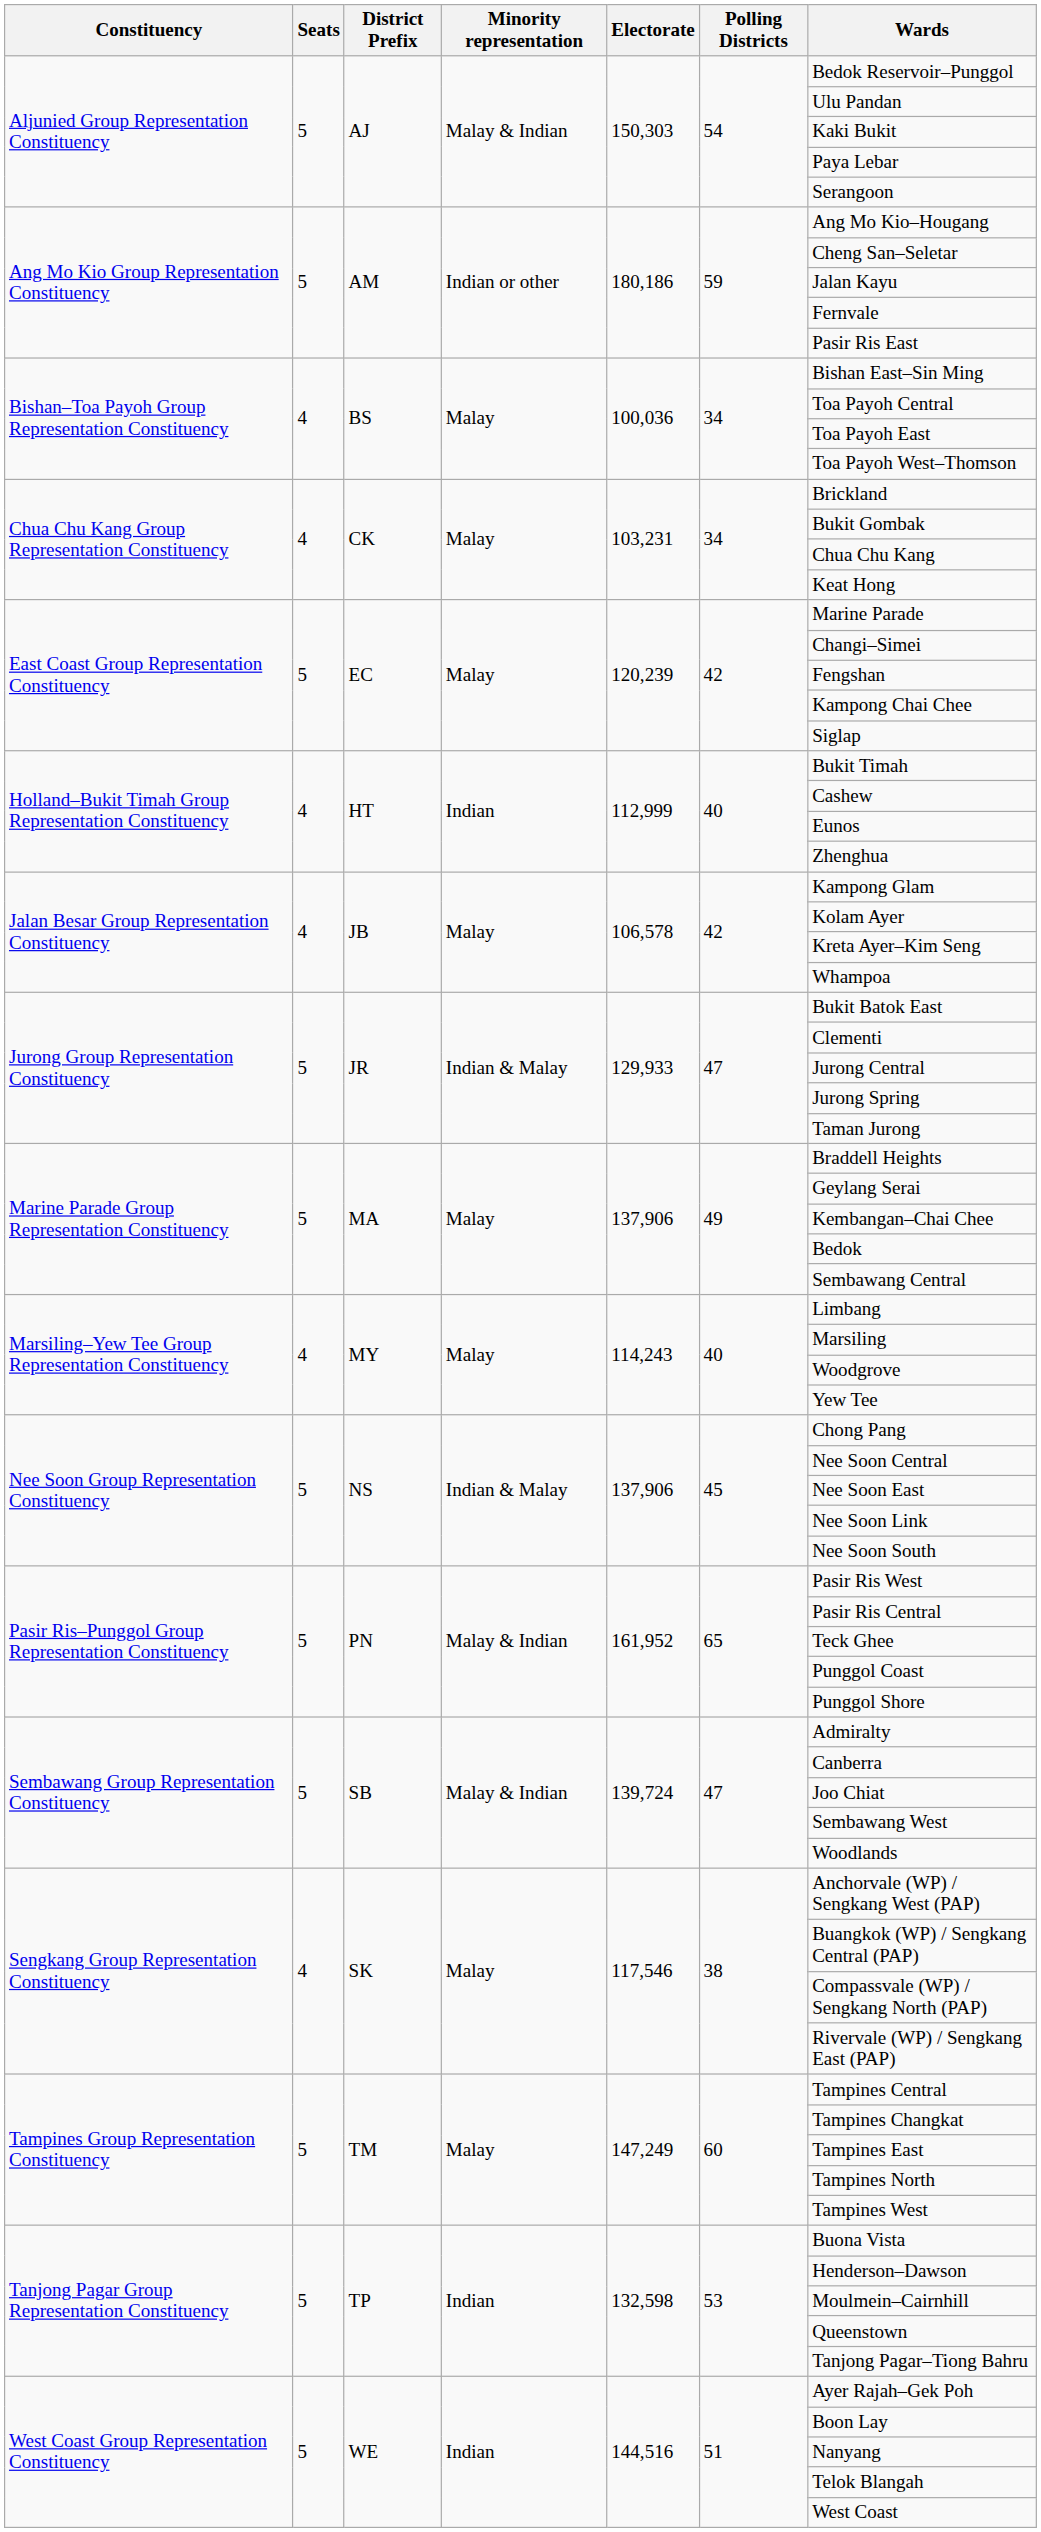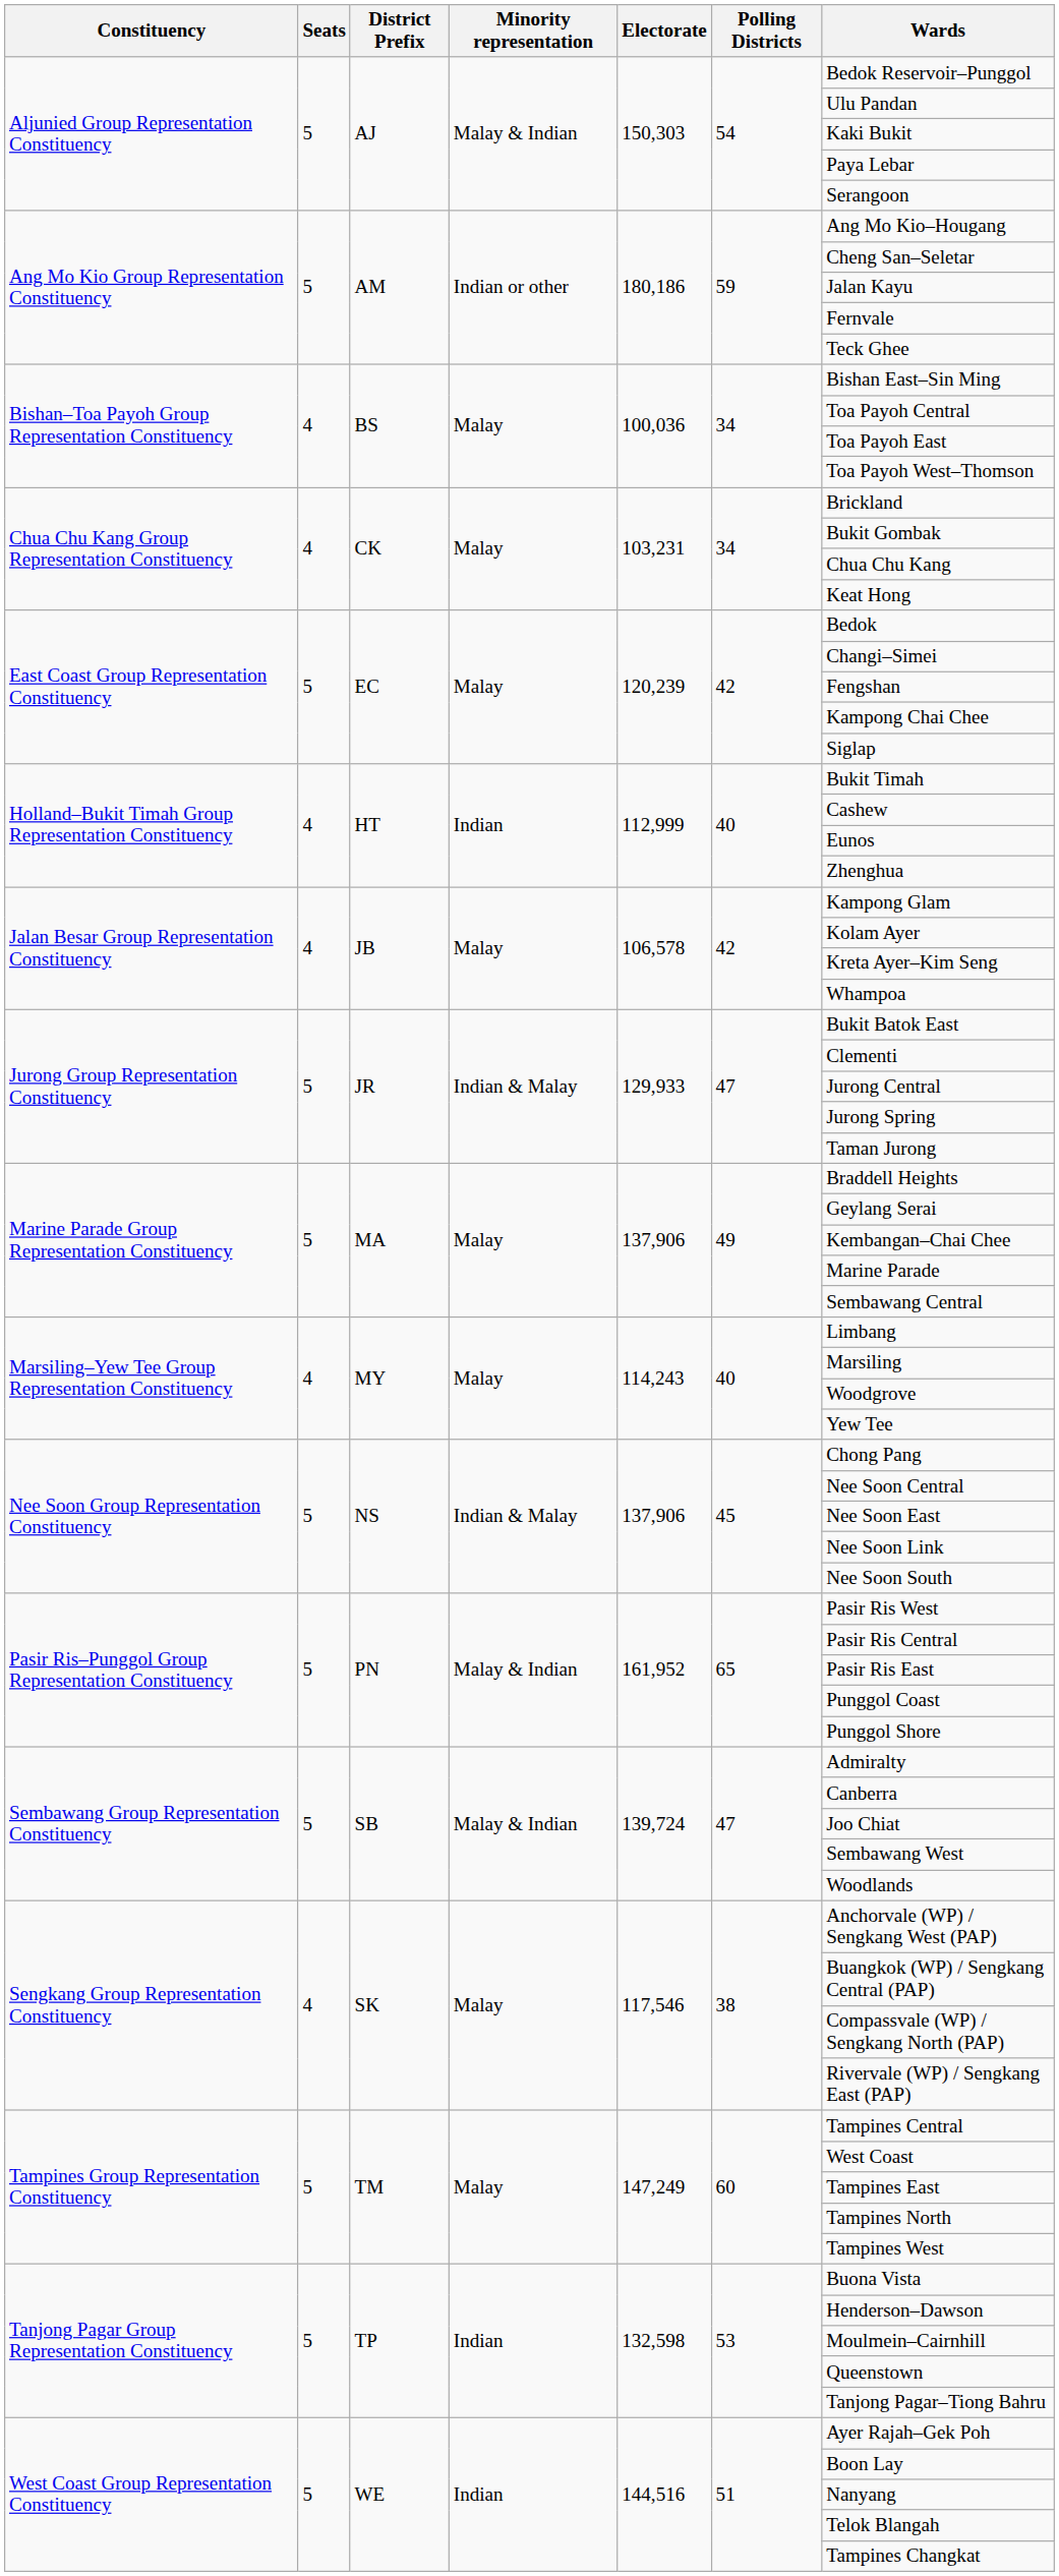 <table class="wikitable sortable">
 <tr>
 <th>Constituency</th>
 <th>Seats</th>
 <th>District Prefix</th>
 <th>Minority representation</th>
 <th>Electorate</th>
 <th>Polling Districts</th>
 <th>Wards</th>
 </tr>
 <tr>
 <td rowspan="5"><a href='#'>Aljunied Group Representation Constituency</a></td>
 <td rowspan="5">5</td>
 <td rowspan="5">AJ</td>
 <td rowspan="5">Malay & Indian</td>
 <td rowspan="5">150,303</td>
 <td rowspan="5">54</td>
 <td>Bedok Reservoir–Punggol</td>
 </tr>
 <tr>
 <td>Ulu Pandan</td>
 </tr>
 <tr>
 <td>Kaki Bukit</td>
 </tr>
 <tr>
 <td>Paya Lebar</td>
 </tr>
 <tr>
 <td>Serangoon</td>
 </tr>
 <tr>
 <td rowspan="5"><a href='#'>Ang Mo Kio Group Representation Constituency</a></td>
 <td rowspan="5">5</td>
 <td rowspan="5">AM</td>
 <td rowspan="5">Indian or other</td>
 <td rowspan="5">180,186</td>
 <td rowspan="5">59</td>
 <td>Ang Mo Kio–Hougang</td>
 </tr>
 <tr>
 <td>Cheng San–Seletar</td>
 </tr>
 <tr>
 <td>Jalan Kayu</td>
 </tr>
 <tr>
 <td>Fernvale</td>
 </tr>
 <tr>
-<td>Pasir Ris East</td>
+<td>Teck Ghee</td>
 </tr>
 <tr>
 <td rowspan="4"><a href='#'>Bishan–Toa Payoh Group Representation Constituency</a></td>
 <td rowspan="4">4</td>
 <td rowspan="4">BS</td>
 <td rowspan="4">Malay</td>
 <td rowspan="4">100,036</td>
 <td rowspan="4">34</td>
 <td>Bishan East–Sin Ming</td>
 </tr>
 <tr>
 <td>Toa Payoh Central</td>
 </tr>
 <tr>
 <td>Toa Payoh East</td>
 </tr>
 <tr>
 <td>Toa Payoh West–Thomson</td>
 </tr>
 <tr>
 <td rowspan="4"><a href='#'>Chua Chu Kang Group Representation Constituency</a></td>
 <td rowspan="4">4</td>
 <td rowspan="4">CK</td>
 <td rowspan="4">Malay</td>
 <td rowspan="4">103,231</td>
 <td rowspan="4">34</td>
 <td>Brickland</td>
 </tr>
 <tr>
 <td>Bukit Gombak</td>
 </tr>
 <tr>
 <td>Chua Chu Kang</td>
 </tr>
 <tr>
 <td>Keat Hong</td>
 </tr>
 <tr>
 <td rowspan="5"><a href='#'>East Coast Group Representation Constituency</a></td>
 <td rowspan="5">5</td>
 <td rowspan="5">EC</td>
 <td rowspan="5">Malay</td>
 <td rowspan="5">120,239</td>
 <td rowspan="5">42</td>
-<td>Marine Parade</td>
+<td>Bedok</td>
 </tr>
 <tr>
 <td>Changi–Simei</td>
 </tr>
 <tr>
 <td>Fengshan</td>
 </tr>
 <tr>
 <td>Kampong Chai Chee</td>
 </tr>
 <tr>
 <td>Siglap</td>
 </tr>
 <tr>
 <td rowspan="4"><a href='#'>Holland–Bukit Timah Group Representation Constituency</a></td>
 <td rowspan="4">4</td>
 <td rowspan="4">HT</td>
 <td rowspan="4">Indian</td>
 <td rowspan="4">112,999</td>
 <td rowspan="4">40</td>
 <td>Bukit Timah</td>
 </tr>
 <tr>
 <td>Cashew</td>
 </tr>
 <tr>
 <td>Eunos</td>
 </tr>
 <tr>
 <td>Zhenghua</td>
 </tr>
 <tr>
 <td rowspan="4"><a href='#'>Jalan Besar Group Representation Constituency</a></td>
 <td rowspan="4">4</td>
 <td rowspan="4">JB</td>
 <td rowspan="4">Malay</td>
 <td rowspan="4">106,578</td>
 <td rowspan="4">42</td>
 <td>Kampong Glam</td>
 </tr>
 <tr>
 <td>Kolam Ayer</td>
 </tr>
 <tr>
 <td>Kreta Ayer–Kim Seng</td>
 </tr>
 <tr>
 <td>Whampoa</td>
 </tr>
 <tr>
 <td rowspan="5"><a href='#'>Jurong Group Representation Constituency</a></td>
 <td rowspan="5">5</td>
 <td rowspan="5">JR</td>
 <td rowspan="5">Indian & Malay</td>
 <td rowspan="5">129,933</td>
 <td rowspan="5">47</td>
 <td>Bukit Batok East</td>
 </tr>
 <tr>
 <td>Clementi</td>
 </tr>
 <tr>
 <td>Jurong Central</td>
 </tr>
 <tr>
 <td>Jurong Spring</td>
 </tr>
 <tr>
 <td>Taman Jurong</td>
 </tr>
 <tr>
 <td rowspan="5"><a href='#'>Marine Parade Group Representation Constituency</a></td>
 <td rowspan="5">5</td>
 <td rowspan="5">MA</td>
 <td rowspan="5">Malay</td>
 <td rowspan="5">137,906</td>
 <td rowspan="5">49</td>
 <td>Braddell Heights</td>
 </tr>
 <tr>
 <td>Geylang Serai</td>
 </tr>
 <tr>
 <td>Kembangan–Chai Chee</td>
 </tr>
 <tr>
-<td>Bedok</td>
+<td>Marine Parade</td>
 </tr>
 <tr>
 <td>Sembawang Central</td>
 </tr>
 <tr>
 <td rowspan="4"><a href='#'>Marsiling–Yew Tee Group Representation Constituency</a></td>
 <td rowspan="4">4</td>
 <td rowspan="4">MY</td>
 <td rowspan="4">Malay</td>
 <td rowspan="4">114,243</td>
 <td rowspan="4">40</td>
 <td>Limbang</td>
 </tr>
 <tr>
 <td>Marsiling</td>
 </tr>
 <tr>
 <td>Woodgrove</td>
 </tr>
 <tr>
 <td>Yew Tee</td>
 </tr>
 <tr>
 <td rowspan="5"><a href='#'>Nee Soon Group Representation Constituency</a></td>
 <td rowspan="5">5</td>
 <td rowspan="5">NS</td>
 <td rowspan="5">Indian & Malay</td>
 <td rowspan="5">137,906</td>
 <td rowspan="5">45</td>
 <td>Chong Pang</td>
 </tr>
 <tr>
 <td>Nee Soon Central</td>
 </tr>
 <tr>
 <td>Nee Soon East</td>
 </tr>
 <tr>
 <td>Nee Soon Link</td>
 </tr>
 <tr>
 <td>Nee Soon South</td>
 </tr>
 <tr>
 <td rowspan="5"><a href='#'>Pasir Ris–Punggol Group Representation Constituency</a></td>
 <td rowspan="5">5</td>
 <td rowspan="5">PN</td>
 <td rowspan="5">Malay & Indian</td>
 <td rowspan="5">161,952</td>
 <td rowspan="5">65</td>
 <td>Pasir Ris West</td>
 </tr>
 <tr>
 <td>Pasir Ris Central</td>
 </tr>
 <tr>
-<td>Teck Ghee</td>
+<td>Pasir Ris East</td>
 </tr>
 <tr>
 <td>Punggol Coast</td>
 </tr>
 <tr>
 <td>Punggol Shore</td>
 </tr>
 <tr>
 <td rowspan="5"><a href='#'>Sembawang Group Representation Constituency</a></td>
 <td rowspan="5">5</td>
 <td rowspan="5">SB</td>
 <td rowspan="5">Malay & Indian</td>
 <td rowspan="5">139,724</td>
 <td rowspan="5">47</td>
 <td>Admiralty</td>
 </tr>
 <tr>
 <td>Canberra</td>
 </tr>
 <tr>
 <td>Joo Chiat</td>
 </tr>
 <tr>
 <td>Sembawang West</td>
 </tr>
 <tr>
 <td>Woodlands</td>
 </tr>
 <tr>
 <td rowspan="4"><a href='#'>Sengkang Group Representation Constituency</a></td>
 <td rowspan="4">4</td>
 <td rowspan="4">SK</td>
 <td rowspan="4">Malay</td>
 <td rowspan="4">117,546</td>
 <td rowspan="4">38</td>
 <td>Anchorvale (WP) / Sengkang West (PAP)</td>
 </tr>
 <tr>
 <td>Buangkok (WP) / Sengkang Central (PAP)</td>
 </tr>
 <tr>
 <td>Compassvale (WP) / Sengkang North (PAP)</td>
 </tr>
 <tr>
 <td>Rivervale (WP) / Sengkang East (PAP)</td>
 </tr>
 <tr>
 <td rowspan="5"><a href='#'>Tampines Group Representation Constituency</a></td>
 <td rowspan="5">5</td>
 <td rowspan="5">TM</td>
 <td rowspan="5">Malay</td>
 <td rowspan="5">147,249</td>
 <td rowspan="5">60</td>
 <td>Tampines Central</td>
 </tr>
 <tr>
-<td>Tampines Changkat</td>
+<td>West Coast</td>
 </tr>
 <tr>
 <td>Tampines East</td>
 </tr>
 <tr>
 <td>Tampines North</td>
 </tr>
 <tr>
 <td>Tampines West</td>
 </tr>
 <tr>
 <td rowspan="5"><a href='#'>Tanjong Pagar Group Representation Constituency</a></td>
 <td rowspan="5">5</td>
 <td rowspan="5">TP</td>
 <td rowspan="5">Indian</td>
 <td rowspan="5">132,598</td>
 <td rowspan="5">53</td>
 <td>Buona Vista</td>
 </tr>
 <tr>
 <td>Henderson–Dawson</td>
 </tr>
 <tr>
 <td>Moulmein–Cairnhill</td>
 </tr>
 <tr>
 <td>Queenstown</td>
 </tr>
 <tr>
 <td>Tanjong Pagar–Tiong Bahru</td>
 </tr>
 <tr>
 <td rowspan="5"><a href='#'>West Coast Group Representation Constituency</a></td>
 <td rowspan="5">5</td>
 <td rowspan="5">WE</td>
 <td rowspan="5">Indian</td>
 <td rowspan="5">144,516</td>
 <td rowspan="5">51</td>
 <td>Ayer Rajah–Gek Poh</td>
 </tr>
 <tr>
 <td>Boon Lay</td>
 </tr>
 <tr>
 <td>Nanyang</td>
 </tr>
 <tr>
 <td>Telok Blangah</td>
 </tr>
 <tr>
-<td>West Coast</td>
+<td>Tampines Changkat</td>
 </tr>
 </table>
